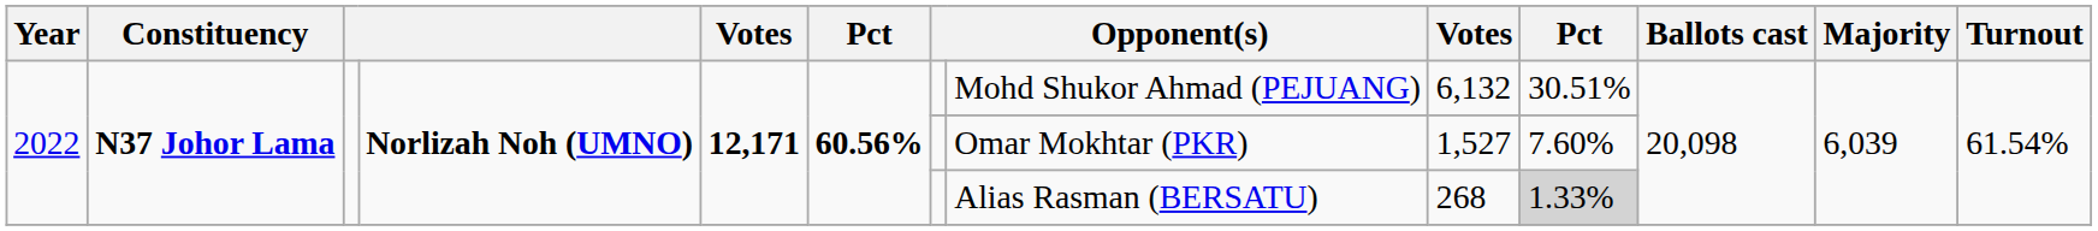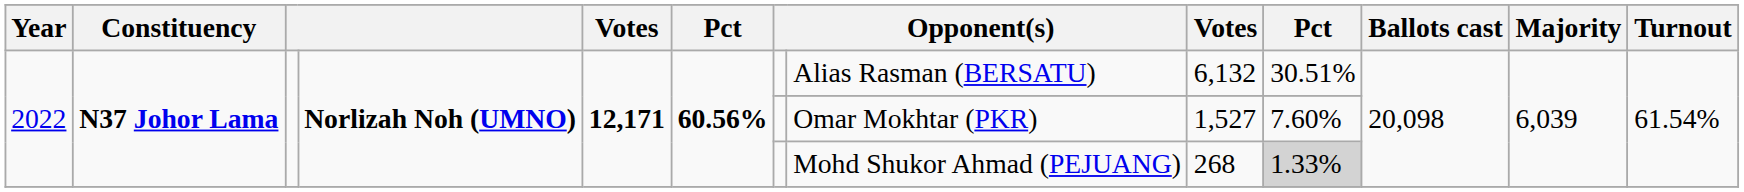 <table class="wikitable" style="margin:0.5em ; font-size:95%">
 <tr>
 <th>Year</th>
 <th>Constituency</th>
 <th colspan=2></th>
 <th>Votes</th>
 <th>Pct</th>
 <th colspan=2>Opponent(s)</th>
 <th>Votes</th>
 <th>Pct</th>
 <th>Ballots cast</th>
 <th>Majority</th>
 <th>Turnout</th>
 </tr>
 <tr>
 <td rowspan="3"><a href='#'>2022</a></td>
 <td rowspan="3"><strong>N37 <a href='#'>Johor Lama</a></strong></td>
 <td rowspan=3 ></td>
 <td rowspan="3"><strong>Norlizah Noh (<a href='#'>UMNO</a>)</strong></td>
 <td rowspan="3"><strong>12,171</strong></td>
 <td rowspan="3"><strong>60.56%</strong></td>
 <td></td>
-<td>Mohd Shukor Ahmad (<a href='#'>PEJUANG</a>)</td>
+<td>Alias Rasman (<a href='#'>BERSATU</a>)</td>
 <td>6,132</td>
 <td>30.51%</td>
 <td rowspan="3">20,098</td>
 <td rowspan="3">6,039</td>
 <td rowspan="3">61.54%</td>
 </tr>
 <tr>
 <td></td>
 <td>Omar Mokhtar (<a href='#'>PKR</a>)</td>
 <td>1,527</td>
 <td>7.60%</td>
 </tr>
 <tr>
 <td></td>
-<td>Alias Rasman (<a href='#'>BERSATU</a>)</td>
+<td>Mohd Shukor Ahmad (<a href='#'>PEJUANG</a>)</td>
 <td>268</td>
 <td style="background: lightgrey;">1.33%</td>
 </tr>
 </table>
